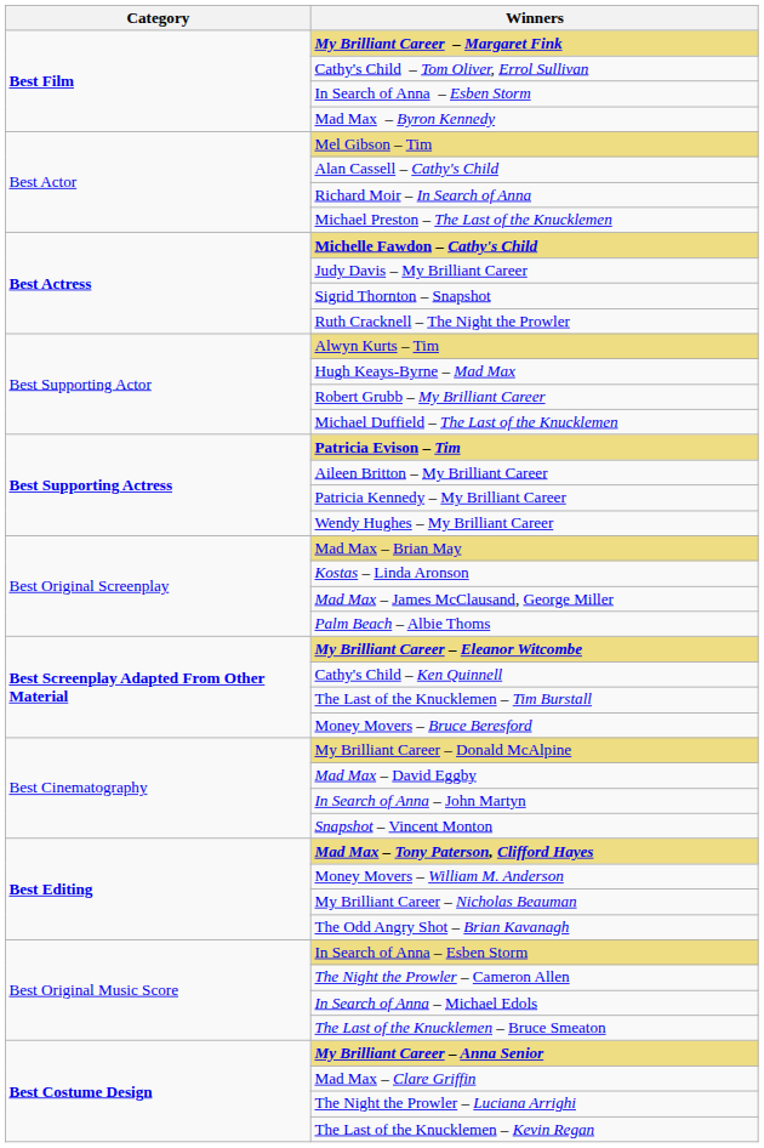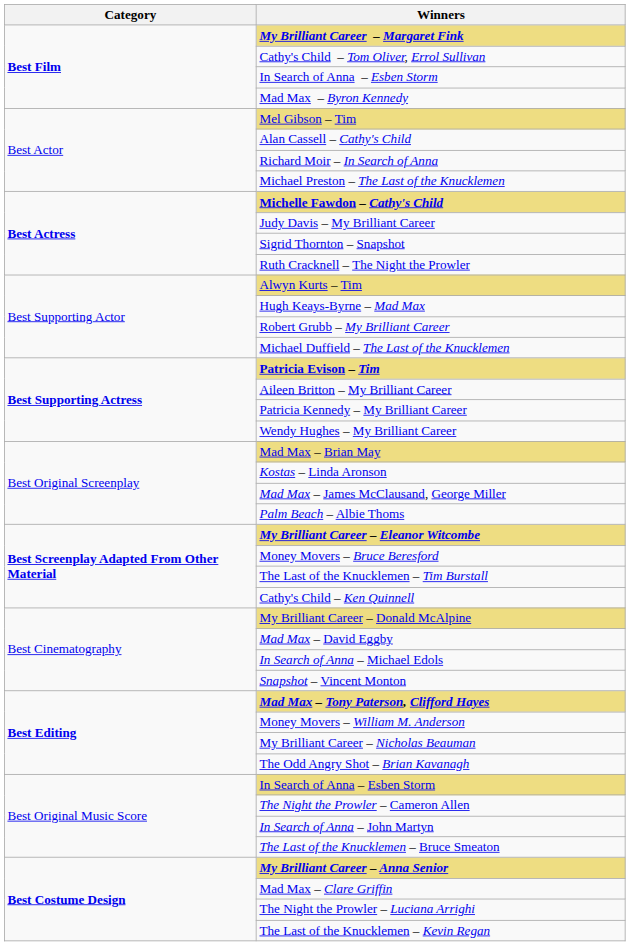 <table class="wikitable" width="60%" align="centre">
 <tr>
 <th width="300px">Category</th>
 <th>Winners</th>
 </tr>
 <tr>
 <td rowspan="4"><strong><a href='#'>Best Film</a></strong></td>
 <td style="background:#EEDD82"><strong><em><a href='#'>My Brilliant Career</a><em>  – <a href='#'>Margaret Fink</a><strong></td>
 </tr>
 <tr>
 <td></em><a href='#'>Cathy's Child</a><em>  – <a href='#'>Tom Oliver</a>, <a href='#'>Errol Sullivan</a></td>
 </tr>
 <tr>
 <td></em><a href='#'>In Search of Anna</a><em>  – <a href='#'>Esben Storm</a></td>
 </tr>
 <tr>
 <td></em><a href='#'>Mad Max</a><em>  – <a href='#'>Byron Kennedy</a></td>
 </tr>
 <tr>
 <td rowspan="4"></strong><a href='#'>Best Actor</a><strong></td>
 <td style="background:#EEDD82"></strong><a href='#'>Mel Gibson</a> – </em><a href='#'>Tim</a></em></strong></td>
 </tr>
 <tr>
 <td><a href='#'>Alan Cassell</a> – <em><a href='#'>Cathy's Child</a></em></td>
 </tr>
 <tr>
 <td><a href='#'>Richard Moir</a> – <em><a href='#'>In Search of Anna</a></em></td>
 </tr>
 <tr>
 <td><a href='#'>Michael Preston</a> – <em><a href='#'>The Last of the Knucklemen</a></em></td>
 </tr>
 <tr>
 <td rowspan="4"><strong><a href='#'>Best Actress</a></strong></td>
 <td style="background:#EEDD82"><strong><a href='#'>Michelle Fawdon</a> – <em><a href='#'>Cathy's Child</a><strong><em></td>
 </tr>
 <tr>
 <td><a href='#'>Judy Davis</a> – </em><a href='#'>My Brilliant Career</a><em></td>
 </tr>
 <tr>
 <td><a href='#'>Sigrid Thornton</a> – </em><a href='#'>Snapshot</a><em></td>
 </tr>
 <tr>
 <td><a href='#'>Ruth Cracknell</a> – </em><a href='#'>The Night the Prowler</a><em></td>
 </tr>
 <tr>
 <td rowspan="4"></strong><a href='#'>Best Supporting Actor</a><strong></td>
 <td style="background:#EEDD82"></strong><a href='#'>Alwyn Kurts</a> – </em><a href='#'>Tim</a></em></strong></td>
 </tr>
 <tr>
 <td><a href='#'>Hugh Keays-Byrne</a> – <em><a href='#'>Mad Max</a></em></td>
 </tr>
 <tr>
 <td><a href='#'>Robert Grubb</a> – <em><a href='#'>My Brilliant Career</a></em></td>
 </tr>
 <tr>
 <td><a href='#'>Michael Duffield</a> – <em><a href='#'>The Last of the Knucklemen</a></em></td>
 </tr>
 <tr>
 <td rowspan="4"><strong><a href='#'>Best Supporting Actress</a></strong></td>
 <td style="background:#EEDD82"><strong><a href='#'>Patricia Evison</a> – <em><a href='#'>Tim</a><strong><em></td>
 </tr>
 <tr>
 <td><a href='#'>Aileen Britton</a> – </em><a href='#'>My Brilliant Career</a><em></td>
 </tr>
 <tr>
 <td><a href='#'>Patricia Kennedy</a> – </em><a href='#'>My Brilliant Career</a><em></td>
 </tr>
 <tr>
 <td><a href='#'>Wendy Hughes</a> – </em><a href='#'>My Brilliant Career</a><em></td>
 </tr>
 <tr>
 <td rowspan="4"></strong><a href='#'>Best Original Screenplay</a><strong></td>
 <td style="background:#EEDD82"></em></strong><a href='#'>Mad Max</a></em> – <a href='#'>Brian May</a></strong></td>
 </tr>
 <tr>
 <td><em><a href='#'>Kostas</a></em> – <a href='#'>Linda Aronson</a></td>
 </tr>
 <tr>
 <td><em><a href='#'>Mad Max</a></em> – <a href='#'>James McClausand</a>, <a href='#'>George Miller</a></td>
 </tr>
 <tr>
 <td><em><a href='#'>Palm Beach</a></em> – <a href='#'>Albie Thoms</a></td>
 </tr>
 <tr>
 <td rowspan="4"><strong><a href='#'>Best Screenplay Adapted From Other Material</a></strong></td>
 <td style="background:#EEDD82"><strong><em><a href='#'>My Brilliant Career</a><em> – <a href='#'>Eleanor Witcombe</a><strong></td>
 </tr>
 <tr>
-<td></em><a href='#'>Cathy's Child</a><em> – <a href='#'>Ken Quinnell</a></td>
+<td></em><a href='#'>Money Movers</a><em> – <a href='#'>Bruce Beresford</a></td>
 </tr>
 <tr>
 <td></em><a href='#'>The Last of the Knucklemen</a><em> – <a href='#'>Tim Burstall</a></td>
 </tr>
 <tr>
-<td></em><a href='#'>Money Movers</a><em> – <a href='#'>Bruce Beresford</a></td>
+<td></em><a href='#'>Cathy's Child</a><em> – <a href='#'>Ken Quinnell</a></td>
 </tr>
 <tr>
 <td rowspan="4"></strong><a href='#'>Best Cinematography</a><strong></td>
 <td style="background:#EEDD82"></em></strong><a href='#'>My Brilliant Career</a></em> – <a href='#'>Donald McAlpine</a></strong></td>
 </tr>
 <tr>
 <td><em><a href='#'>Mad Max</a></em> – <a href='#'>David Eggby</a></td>
 </tr>
 <tr>
-<td><em><a href='#'>In Search of Anna</a></em> – <a href='#'>John Martyn</a></td>
+<td><em><a href='#'>In Search of Anna</a></em> – <a href='#'>Michael Edols</a></td>
 </tr>
 <tr>
 <td><em><a href='#'>Snapshot</a></em> – <a href='#'>Vincent Monton</a></td>
 </tr>
 <tr>
 <td rowspan="4"><strong><a href='#'>Best Editing</a></strong></td>
 <td style="background:#EEDD82"><strong><em><a href='#'>Mad Max</a><em> –  <a href='#'>Tony Paterson</a>, <a href='#'>Clifford Hayes</a><strong></td>
 </tr>
 <tr>
 <td></em><a href='#'>Money Movers</a><em> – <a href='#'>William M. Anderson</a></td>
 </tr>
 <tr>
 <td></em><a href='#'>My Brilliant Career</a><em> – <a href='#'>Nicholas Beauman</a></td>
 </tr>
 <tr>
 <td></em><a href='#'>The Odd Angry Shot</a><em> – <a href='#'>Brian Kavanagh</a></td>
 </tr>
 <tr>
 <td rowspan="4"></strong><a href='#'>Best Original Music Score</a><strong></td>
 <td style="background:#EEDD82"></em></strong><a href='#'>In Search of Anna</a></em> – <a href='#'>Esben Storm</a></strong></td>
 </tr>
 <tr>
 <td><em><a href='#'>The Night the Prowler</a></em> – <a href='#'>Cameron Allen</a></td>
 </tr>
 <tr>
-<td><em><a href='#'>In Search of Anna</a></em> – <a href='#'>Michael Edols</a></td>
+<td><em><a href='#'>In Search of Anna</a></em> – <a href='#'>John Martyn</a></td>
 </tr>
 <tr>
 <td><em><a href='#'>The Last of the Knucklemen</a></em> – <a href='#'>Bruce Smeaton</a></td>
 </tr>
 <tr>
 <td rowspan="4"><strong><a href='#'>Best Costume Design</a></strong></td>
 <td style="background:#EEDD82"><strong><em><a href='#'>My Brilliant Career</a><em> – <a href='#'>Anna Senior</a><strong></td>
 </tr>
 <tr>
 <td></em><a href='#'>Mad Max</a><em> – <a href='#'>Clare Griffin</a></td>
 </tr>
 <tr>
 <td></em><a href='#'>The Night the Prowler</a><em> – <a href='#'>Luciana Arrighi</a></td>
 </tr>
 <tr>
 <td></em><a href='#'>The Last of the Knucklemen</a><em> – <a href='#'>Kevin Regan</a></td>
 </tr>
 </table>
